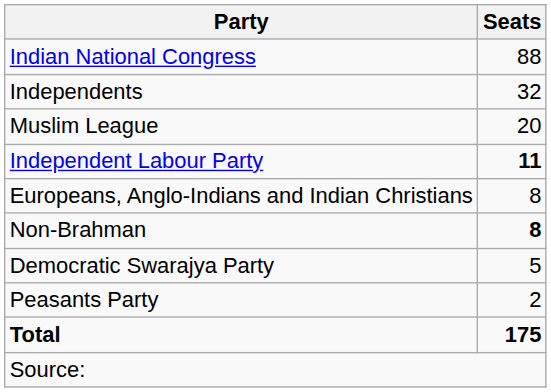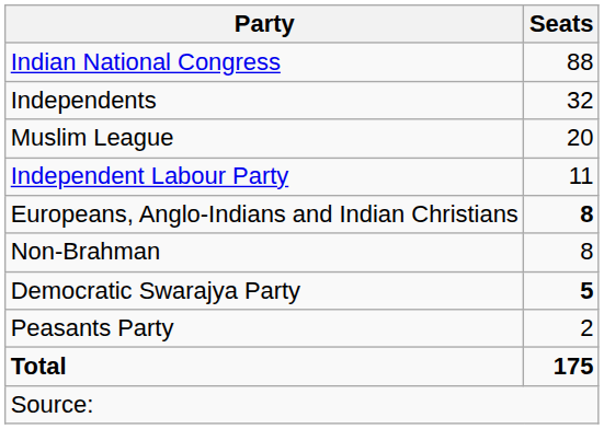 <table class=wikitable style=text-align:right>
 <tr>
 <th>Party</th>
 <th>Seats</th>
 </tr>
 <tr>
 <td align=left><a href='#'>Indian National Congress</a></td>
 <td>88</td>
 </tr>
 <tr>
 <td align=left>Independents</td>
 <td>32</td>
 </tr>
 <tr>
 <td align=left>Muslim League</td>
 <td>20</td>
 </tr>
 <tr>
 <td align=left><a href='#'>Independent Labour Party</a></td>
-<td><strong>11</strong></td>
+<td>11</td>
 </tr>
 <tr>
 <td align=left>Europeans, Anglo-Indians and Indian Christians</td>
+<td><strong>8</strong></td>
+</tr>
+<tr>
+<td align=left>Non-Brahman</td>
 <td>8</td>
 </tr>
 <tr>
-<td align=left>Non-Brahman</td>
-<td><strong>8</strong></td>
-</tr>
-<tr>
 <td align=left>Democratic Swarajya Party</td>
-<td>5</td>
+<td><strong>5</strong></td>
 </tr>
 <tr>
 <td align=left>Peasants Party</td>
 <td>2</td>
 </tr>
 <tr>
 <td align=left><strong>Total</strong></td>
 <td><strong>175</strong></td>
 </tr>
 <tr>
 <td align=left colspan=4>Source: </td>
 </tr>
 </table>
